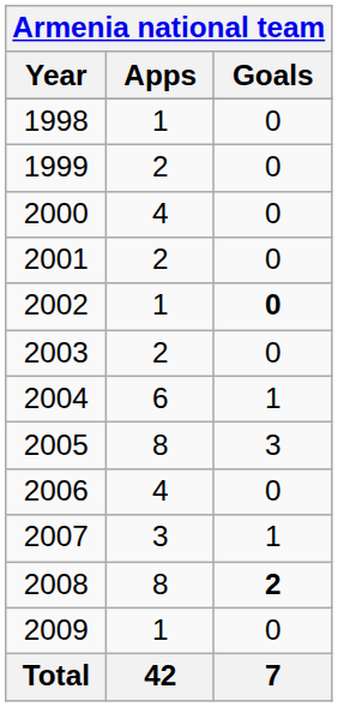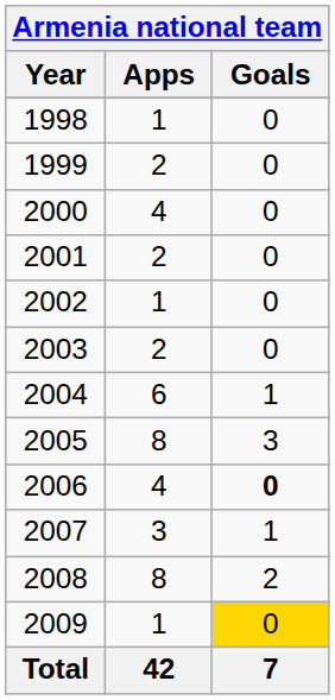 <table class="wikitable" style="text-align:center">
 <tr>
 <th colspan=3><a href='#'>Armenia national team</a></th>
 </tr>
 <tr>
 <th>Year</th>
 <th>Apps</th>
 <th>Goals</th>
 </tr>
 <tr>
 </tr>
 <tr>
 <td>1998</td>
 <td>1</td>
 <td>0</td>
 </tr>
 <tr>
 <td>1999</td>
 <td>2</td>
 <td>0</td>
 </tr>
 <tr>
 <td>2000</td>
 <td>4</td>
 <td>0</td>
 </tr>
 <tr>
 <td>2001</td>
 <td>2</td>
 <td>0</td>
 </tr>
 <tr>
 <td>2002</td>
 <td>1</td>
-<td><strong>0</strong></td>
+<td>0</td>
 </tr>
 <tr>
 <td>2003</td>
 <td>2</td>
 <td>0</td>
 </tr>
 <tr>
 <td>2004</td>
 <td>6</td>
 <td>1</td>
 </tr>
 <tr>
 <td>2005</td>
 <td>8</td>
 <td>3</td>
 </tr>
 <tr>
 <td>2006</td>
 <td>4</td>
-<td>0</td>
+<td><strong>0</strong></td>
 </tr>
 <tr>
 <td>2007</td>
 <td>3</td>
 <td>1</td>
 </tr>
 <tr>
 <td>2008</td>
 <td>8</td>
-<td><strong>2</strong></td>
+<td>2</td>
 </tr>
 <tr>
 <td>2009</td>
 <td>1</td>
-<td>0</td>
+<td style="background: gold;">0</td>
 </tr>
 <tr>
 <th>Total</th>
 <th>42</th>
 <th>7</th>
 </tr>
 </table>
